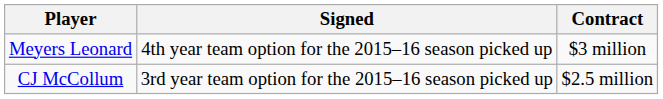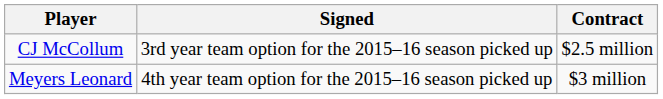 <table class="wikitable sortable sortable" style="text-align: center;">
 <tr>
 <th>Player</th>
 <th>Signed</th>
 <th>Contract</th>
 </tr>
 <tr style="text-align: center">
+<td><a href='#'>CJ McCollum</a></td>
+<td>3rd year team option for the 2015–16 season picked up</td>
+<td>$2.5 million</td>
+</tr>
+<tr style="text-align: center">
 <td><a href='#'>Meyers Leonard</a></td>
 <td>4th year team option for the 2015–16 season picked up</td>
 <td>$3 million</td>
 </tr>
-<tr style="text-align: center">
-<td><a href='#'>CJ McCollum</a></td>
-<td>3rd year team option for the 2015–16 season picked up</td>
-<td>$2.5 million</td>
-</tr>
 </table>
